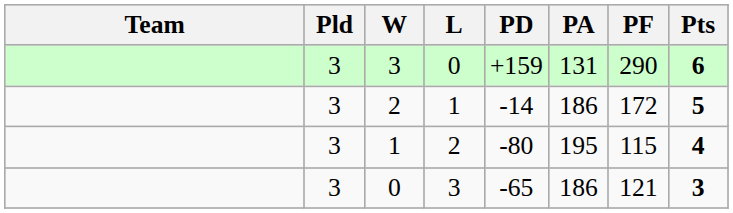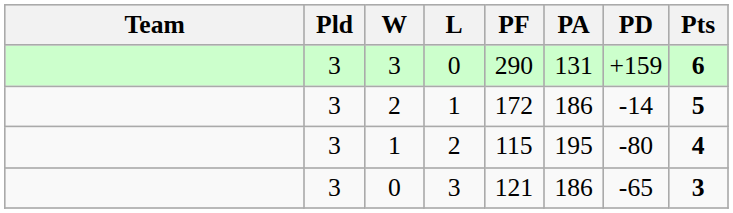 <table class=wikitable style="text-align:center">
 <tr>
 <th width=180>Team</th>
 <th width=30>Pld</th>
 <th width=30>W</th>
 <th width=30>L</th>
+<th width=30>PF</th>
+<th width=30>PA</th>
 <th width=30>PD</th>
-<th width=30>PA</th>
-<th width=30>PF</th>
 <th width=30>Pts</th>
 </tr>
 <tr align=center bgcolor="#ccffcc">
 <td align=left></td>
 <td>3</td>
 <td>3</td>
 <td>0</td>
+<td>290</td>
+<td>131</td>
 <td>+159</td>
-<td>131</td>
-<td>290</td>
 <td><strong>6</strong></td>
 </tr>
 <tr align=center bgcolor=>
 <td align=left></td>
 <td>3</td>
 <td>2</td>
 <td>1</td>
+<td>172</td>
+<td>186</td>
 <td>-14</td>
-<td>186</td>
-<td>172</td>
 <td><strong>5</strong></td>
 </tr>
 <tr align=center bgcolor=>
 <td align=left></td>
 <td>3</td>
 <td>1</td>
 <td>2</td>
+<td>115</td>
+<td>195</td>
 <td>-80</td>
-<td>195</td>
-<td>115</td>
 <td><strong>4</strong></td>
 </tr>
 <tr align=center bgcolor=>
 <td align=left></td>
 <td>3</td>
 <td>0</td>
 <td>3</td>
+<td>121</td>
+<td>186</td>
 <td>-65</td>
-<td>186</td>
-<td>121</td>
 <td><strong>3</strong></td>
 </tr>
 </table>
